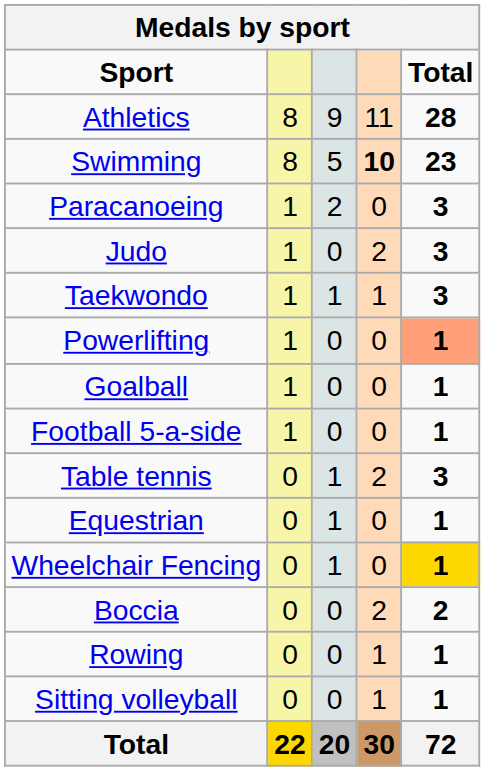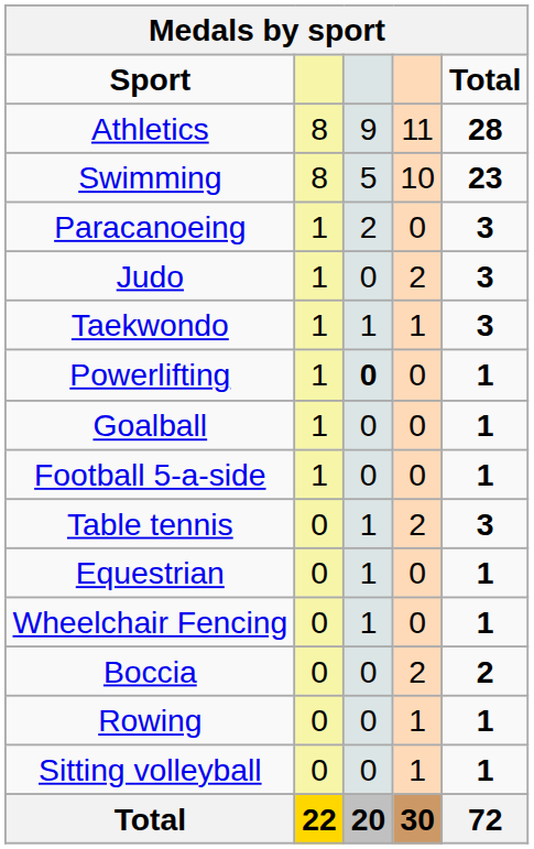 <table class="wikitable" style="font-size:95%">
 <tr style="background:#efefef;">
 <th colspan=5>Medals by sport</th>
 </tr>
 <tr align=center>
 <td><strong>Sport</strong></td>
 <td bgcolor=#f7f6a8></td>
 <td bgcolor=#dce5e5></td>
 <td bgcolor=#ffdab9></td>
 <td><strong>Total</strong></td>
 </tr>
 <tr align=center>
 <td><a href='#'>Athletics</a></td>
 <td style="background:#F7F6A8;">8</td>
 <td style="background:#DCE5E5;">9</td>
 <td style="background:#FFDAB9;">11</td>
 <td><strong>28</strong></td>
 </tr>
 <tr align=center>
 <td><a href='#'>Swimming</a></td>
 <td style="background:#F7F6A8;">8</td>
 <td style="background:#DCE5E5;">5</td>
-<td style="background:#FFDAB9;"><strong>10</strong></td>
+<td style="background:#FFDAB9;">10</td>
 <td><strong>23</strong></td>
 </tr>
 <tr align=center>
 <td><a href='#'>Paracanoeing</a></td>
 <td style="background:#F7F6A8;">1</td>
 <td style="background:#DCE5E5;">2</td>
 <td style="background:#FFDAB9;">0</td>
 <td><strong>3</strong></td>
 </tr>
 <tr align=center>
 <td><a href='#'>Judo</a></td>
 <td style="background:#F7F6A8;">1</td>
 <td style="background:#DCE5E5;">0</td>
 <td style="background:#FFDAB9;">2</td>
 <td><strong>3</strong></td>
 </tr>
 <tr align=center>
 <td><a href='#'>Taekwondo</a></td>
 <td style="background:#F7F6A8;">1</td>
 <td style="background:#DCE5E5;">1</td>
 <td style="background:#FFDAB9;">1</td>
 <td><strong>3</strong></td>
 </tr>
 <tr align=center>
 <td><a href='#'>Powerlifting</a></td>
 <td style="background:#F7F6A8;">1</td>
-<td style="background:#DCE5E5;">0</td>
+<td style="background:#DCE5E5;"><strong>0</strong></td>
 <td style="background:#FFDAB9;">0</td>
-<td style="background: lightsalmon;"><strong>1</strong></td>
+<td><strong>1</strong></td>
 </tr>
 <tr align=center>
 <td><a href='#'>Goalball</a></td>
 <td style="background:#F7F6A8;">1</td>
 <td style="background:#DCE5E5;">0</td>
 <td style="background:#FFDAB9;">0</td>
 <td><strong>1</strong></td>
 </tr>
 <tr align=center>
 <td><a href='#'>Football 5-a-side</a></td>
 <td style="background:#F7F6A8;">1</td>
 <td style="background:#DCE5E5;">0</td>
 <td style="background:#FFDAB9;">0</td>
 <td><strong>1</strong></td>
 </tr>
 <tr align=center>
 <td><a href='#'>Table tennis</a></td>
 <td style="background:#F7F6A8;">0</td>
 <td style="background:#DCE5E5;">1</td>
 <td style="background:#FFDAB9;">2</td>
 <td><strong>3</strong></td>
 </tr>
 <tr align=center>
 <td><a href='#'>Equestrian</a></td>
 <td style="background:#F7F6A8;">0</td>
 <td style="background:#DCE5E5;">1</td>
 <td style="background:#FFDAB9;">0</td>
 <td><strong>1</strong></td>
 </tr>
 <tr align=center>
 <td><a href='#'>Wheelchair Fencing</a></td>
 <td style="background:#F7F6A8;">0</td>
 <td style="background:#DCE5E5;">1</td>
 <td style="background:#FFDAB9;">0</td>
-<td style="background: gold;"><strong>1</strong></td>
+<td><strong>1</strong></td>
 </tr>
 <tr align=center>
 <td><a href='#'>Boccia</a></td>
 <td style="background:#F7F6A8;">0</td>
 <td style="background:#DCE5E5;">0</td>
 <td style="background:#FFDAB9;">2</td>
 <td><strong>2</strong></td>
 </tr>
 <tr align=center>
 <td><a href='#'>Rowing</a></td>
 <td style="background:#F7F6A8;">0</td>
 <td style="background:#DCE5E5;">0</td>
 <td style="background:#FFDAB9;">1</td>
 <td><strong>1</strong></td>
 </tr>
 <tr align=center>
 <td><a href='#'>Sitting volleyball</a></td>
 <td style="background:#F7F6A8;">0</td>
 <td style="background:#DCE5E5;">0</td>
 <td style="background:#FFDAB9;">1</td>
 <td><strong>1</strong></td>
 </tr>
 <tr align=center>
 <th>Total</th>
 <th style="background:gold;">22</th>
 <th style="background:silver;">20</th>
 <th style="background:#c96;">30</th>
 <th>72</th>
 </tr>
 </table>
